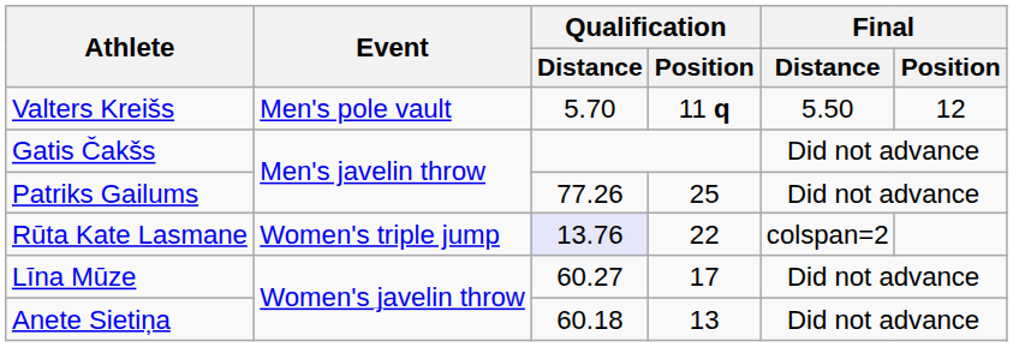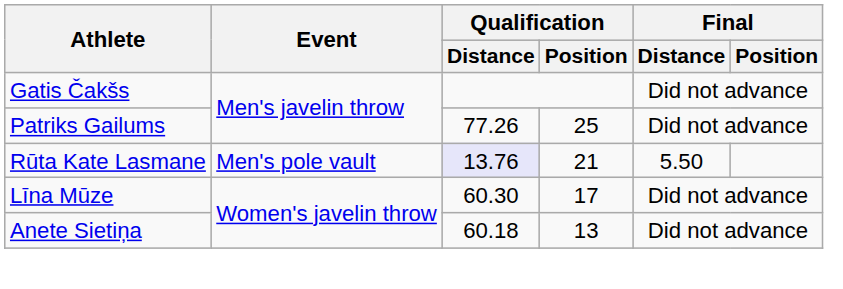 <table class="wikitable" style="font-size:90%">
 <tr>
 <th rowspan="2">Athlete</th>
 <th rowspan="2">Event</th>
 <th colspan="2">Qualification</th>
 <th colspan="2">Final</th>
 </tr>
 <tr style="font-size:95%">
 <th>Distance</th>
 <th>Position</th>
 <th>Distance</th>
 <th>Position</th>
-</tr>
-<tr align=center>
-<td align=left><a href='#'>Valters Kreišs</a></td>
-<td align=left><a href='#'>Men's pole vault</a></td>
-<td>5.70</td>
-<td>11 <strong>q</strong></td>
-<td>5.50</td>
-<td>12</td>
 </tr>
 <tr align=center>
 <td align=left><a href='#'>Gatis Čakšs</a></td>
 <td align=left rowspan=2><a href='#'>Men's javelin throw</a></td>
 <td colspan=2></td>
 <td colspan=2>Did not advance</td>
 </tr>
 <tr align=center>
 <td align=left><a href='#'>Patriks Gailums</a></td>
 <td>77.26</td>
 <td>25</td>
 <td colspan=2>Did not advance</td>
 </tr>
 <tr align=center>
 <td align=left><a href='#'>Rūta Kate Lasmane</a></td>
-<td align=left><a href='#'>Women's triple jump</a></td>
+<td align=left><a href='#'>Men's pole vault</a></td>
 <td style="background: lavender;">13.76</td>
-<td>22</td>
-<td>colspan=2 </td>
+<td>21</td>
+<td>5.50</td>
 </tr>
 <tr align=center>
 <td align=left><a href='#'>Līna Mūze</a></td>
 <td align=left rowspan=2><a href='#'>Women's javelin throw</a></td>
-<td>60.27</td>
+<td>60.30</td>
 <td>17</td>
 <td colspan=2>Did not advance</td>
 </tr>
 <tr align=center>
 <td align=left><a href='#'>Anete Sietiņa</a></td>
 <td>60.18</td>
 <td>13</td>
 <td colspan=2>Did not advance</td>
 </tr>
 </table>
